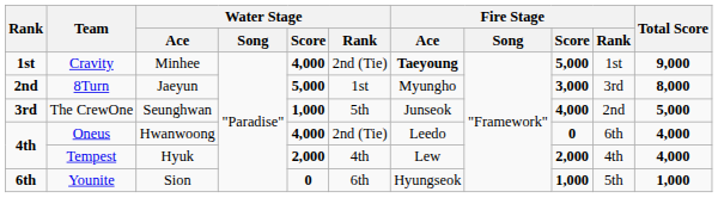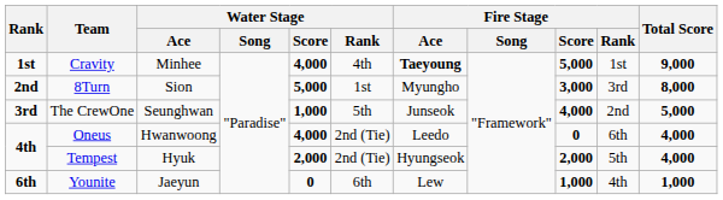 <table class="wikitable" style="text-align:center">
 <tr>
 <th rowspan="2">Rank</th>
 <th rowspan="2">Team</th>
 <th colspan="4">Water Stage</th>
 <th colspan="4">Fire Stage</th>
 <th rowspan="2">Total Score</th>
 </tr>
 <tr>
 <th>Ace</th>
 <th>Song</th>
 <th>Score</th>
 <th>Rank</th>
 <th>Ace</th>
 <th>Song</th>
 <th>Score</th>
 <th>Rank</th>
 </tr>
 <tr>
 <td><strong>1st</strong></td>
 <td><a href='#'>Cravity</a></td>
 <td>Minhee</td>
 <td rowspan="6">"Paradise"</td>
 <td><strong>4,000</strong></td>
-<td>2nd (Tie)</td>
+<td>4th</td>
 <td><strong>Taeyoung</strong></td>
 <td rowspan="6">"Framework"</td>
 <td><strong>5,000</strong></td>
 <td>1st</td>
 <td><strong>9,000</strong></td>
 </tr>
 <tr>
 <td><strong>2nd</strong></td>
 <td><a href='#'>8Turn</a></td>
-<td>Jaeyun</td>
+<td>Sion</td>
 <td><strong>5,000</strong></td>
 <td>1st</td>
 <td>Myungho</td>
 <td><strong>3,000</strong></td>
 <td>3rd</td>
 <td><strong>8,000</strong></td>
 </tr>
 <tr>
 <td><strong>3rd</strong></td>
 <td>The CrewOne</td>
 <td>Seunghwan</td>
 <td><strong>1,000</strong></td>
 <td>5th</td>
 <td>Junseok</td>
 <td><strong>4,000</strong></td>
 <td>2nd</td>
 <td><strong>5,000</strong></td>
 </tr>
 <tr>
 <td rowspan="2"><strong>4th</strong></td>
 <td><a href='#'>Oneus</a></td>
 <td>Hwanwoong</td>
 <td><strong>4,000</strong></td>
 <td>2nd (Tie)</td>
 <td>Leedo</td>
 <td><strong>0</strong></td>
 <td>6th</td>
 <td><strong>4,000</strong></td>
 </tr>
 <tr>
 <td><a href='#'>Tempest</a></td>
 <td>Hyuk</td>
 <td><strong>2,000</strong></td>
-<td>4th</td>
-<td>Lew</td>
+<td>2nd (Tie)</td>
+<td>Hyungseok</td>
 <td><strong>2,000</strong></td>
-<td>4th</td>
+<td>5th</td>
 <td><strong>4,000</strong></td>
 </tr>
 <tr>
 <td><strong>6th</strong></td>
 <td><a href='#'>Younite</a></td>
-<td>Sion</td>
+<td>Jaeyun</td>
 <td><strong>0</strong></td>
 <td>6th</td>
-<td>Hyungseok</td>
+<td>Lew</td>
 <td><strong>1,000</strong></td>
-<td>5th</td>
+<td>4th</td>
 <td><strong>1,000</strong></td>
 </tr>
 </table>
